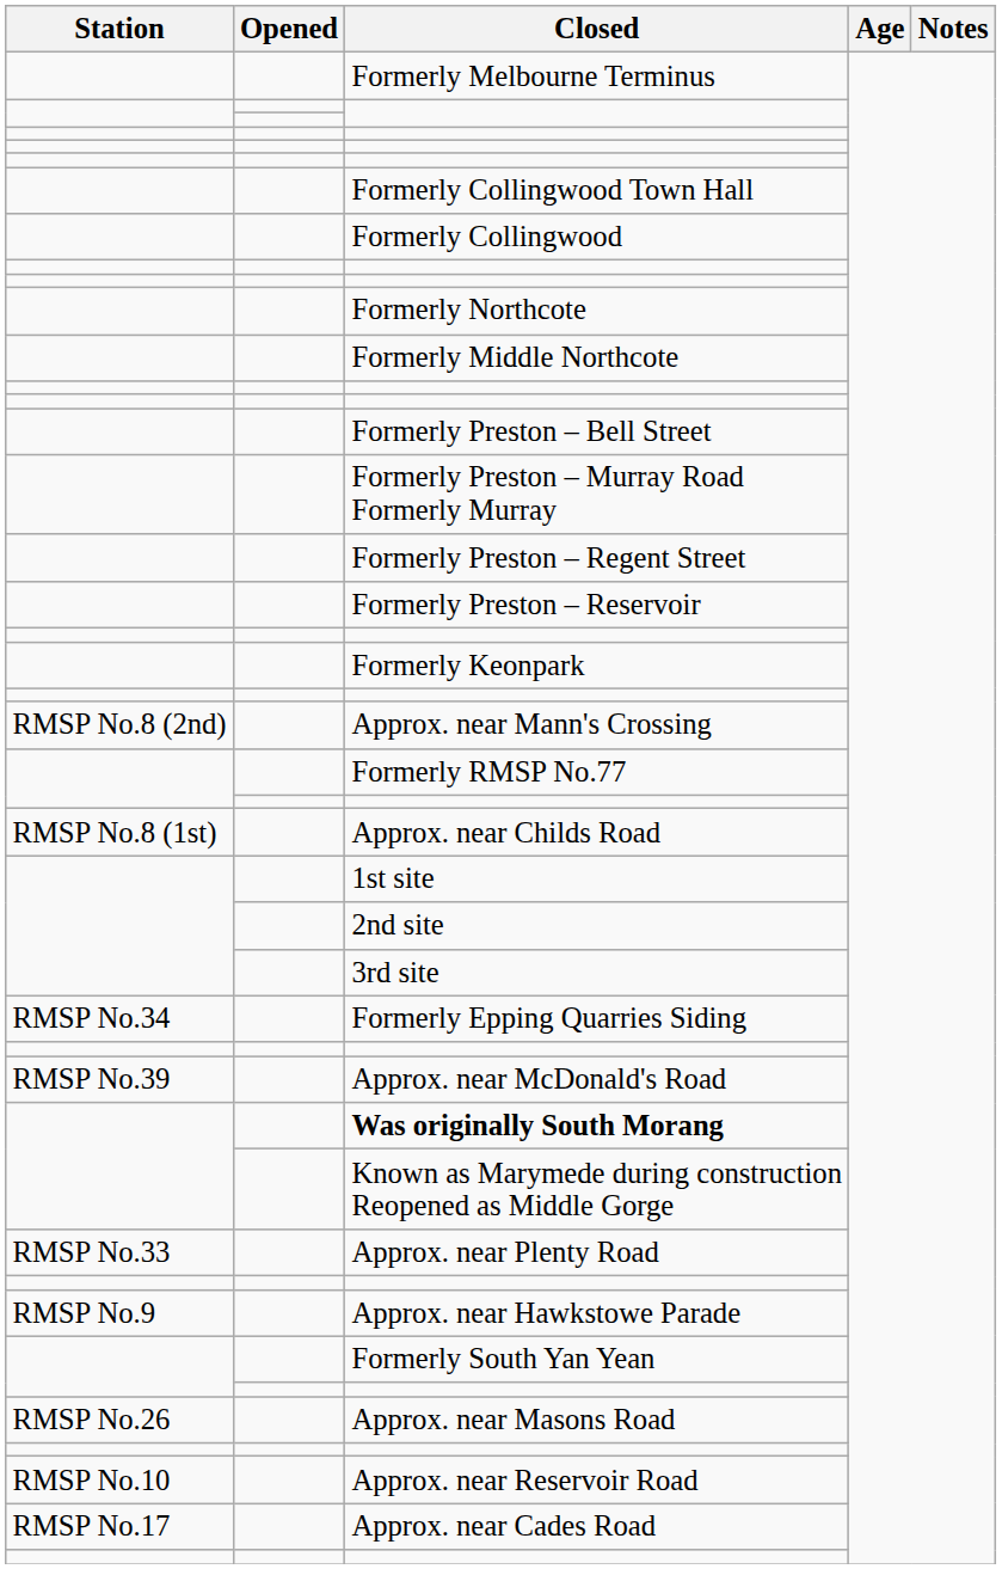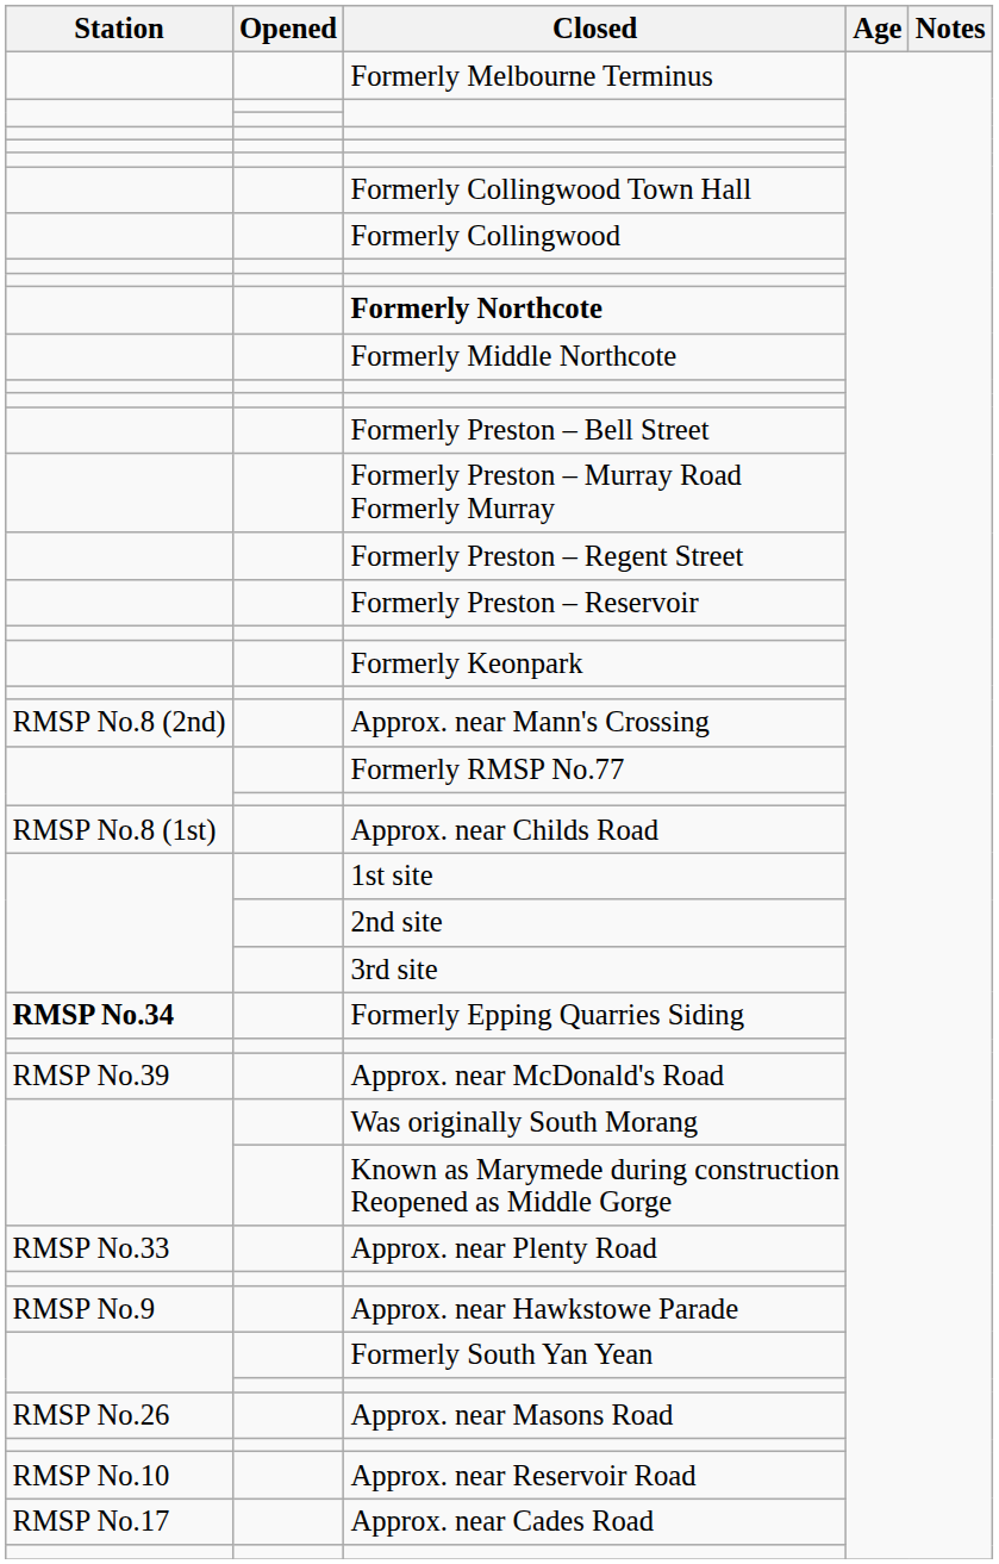 <table class="wikitable sortable">
 <tr>
 <th>Station</th>
 <th>Opened</th>
 <th>Closed</th>
 <th>Age</th>
 <th scope=col class=unsortable>Notes</th>
 </tr>
 <tr>
 <td></td>
 <td></td>
 <td>Formerly Melbourne Terminus</td>
 </tr>
 <tr>
 <td rowspan="2"></td>
 <td></td>
 <td rowspan="2"></td>
 </tr>
 <tr>
 <td></td>
 </tr>
 <tr>
 <td></td>
 <td></td>
 <td></td>
 </tr>
 <tr>
 <td></td>
 <td></td>
 <td></td>
 </tr>
 <tr>
 <td></td>
 <td></td>
 <td></td>
 </tr>
 <tr>
 <td></td>
 <td></td>
 <td>Formerly Collingwood Town Hall</td>
 </tr>
 <tr>
 <td></td>
 <td></td>
 <td>Formerly Collingwood</td>
 </tr>
 <tr>
 <td></td>
 <td></td>
 <td></td>
 </tr>
 <tr>
 <td></td>
 <td></td>
 <td></td>
 </tr>
 <tr>
 <td></td>
 <td></td>
-<td>Formerly Northcote</td>
+<td><strong>Formerly Northcote</strong></td>
 </tr>
 <tr>
 <td></td>
 <td></td>
 <td>Formerly Middle Northcote</td>
 </tr>
 <tr>
 <td></td>
 <td></td>
 <td></td>
 </tr>
 <tr>
 <td></td>
 <td></td>
 <td></td>
 </tr>
 <tr>
 <td></td>
 <td></td>
 <td>Formerly Preston – Bell Street</td>
 </tr>
 <tr>
 <td></td>
 <td></td>
 <td>Formerly Preston – Murray Road<br>Formerly Murray</td>
 </tr>
 <tr>
 <td></td>
 <td></td>
 <td>Formerly Preston – Regent Street</td>
 </tr>
 <tr>
 <td></td>
 <td></td>
 <td>Formerly Preston – Reservoir</td>
 </tr>
 <tr>
 <td></td>
 <td></td>
 <td></td>
 </tr>
 <tr>
 <td></td>
 <td></td>
 <td>Formerly Keonpark</td>
 </tr>
 <tr>
 <td></td>
 <td></td>
 <td></td>
 </tr>
 <tr>
 <td>RMSP No.8 (2nd)</td>
 <td></td>
 <td>Approx. near Mann's Crossing</td>
 </tr>
 <tr>
 <td rowspan="2"></td>
 <td></td>
 <td>Formerly RMSP No.77</td>
 </tr>
 <tr>
 <td></td>
 <td></td>
 </tr>
 <tr>
 <td>RMSP No.8 (1st)</td>
 <td></td>
 <td>Approx. near Childs Road</td>
 </tr>
 <tr>
 <td rowspan="3"></td>
 <td></td>
 <td>1st site</td>
 </tr>
 <tr>
 <td></td>
 <td>2nd site</td>
 </tr>
 <tr>
 <td></td>
 <td>3rd site</td>
 </tr>
 <tr>
-<td>RMSP No.34</td>
+<td><strong>RMSP No.34</strong></td>
 <td></td>
 <td>Formerly Epping Quarries Siding</td>
 </tr>
 <tr>
 <td></td>
 <td></td>
 <td></td>
 </tr>
 <tr>
 <td>RMSP No.39</td>
 <td></td>
 <td>Approx. near McDonald's Road</td>
 </tr>
 <tr>
 <td rowspan="2"></td>
 <td></td>
-<td><strong>Was originally South Morang</strong></td>
+<td>Was originally South Morang</td>
 </tr>
 <tr>
 <td></td>
 <td>Known as Marymede during construction<br>Reopened as Middle Gorge</td>
 </tr>
 <tr>
 <td>RMSP No.33</td>
 <td></td>
 <td>Approx. near Plenty Road</td>
 </tr>
 <tr>
 <td></td>
 <td></td>
 <td></td>
 </tr>
 <tr>
 <td>RMSP No.9</td>
 <td></td>
 <td>Approx. near Hawkstowe Parade</td>
 </tr>
 <tr>
 <td rowspan="2"></td>
 <td></td>
 <td>Formerly South Yan Yean</td>
 </tr>
 <tr>
 <td></td>
 <td></td>
 </tr>
 <tr>
 <td>RMSP No.26</td>
 <td></td>
 <td>Approx. near Masons Road</td>
 </tr>
 <tr>
 <td></td>
 <td></td>
 <td></td>
 </tr>
 <tr>
 <td>RMSP No.10</td>
 <td></td>
 <td>Approx. near Reservoir Road</td>
 </tr>
 <tr>
 <td>RMSP No.17</td>
 <td></td>
 <td>Approx. near Cades Road</td>
 </tr>
 <tr>
 <td></td>
 <td></td>
 <td></td>
 </tr>
 </table>
